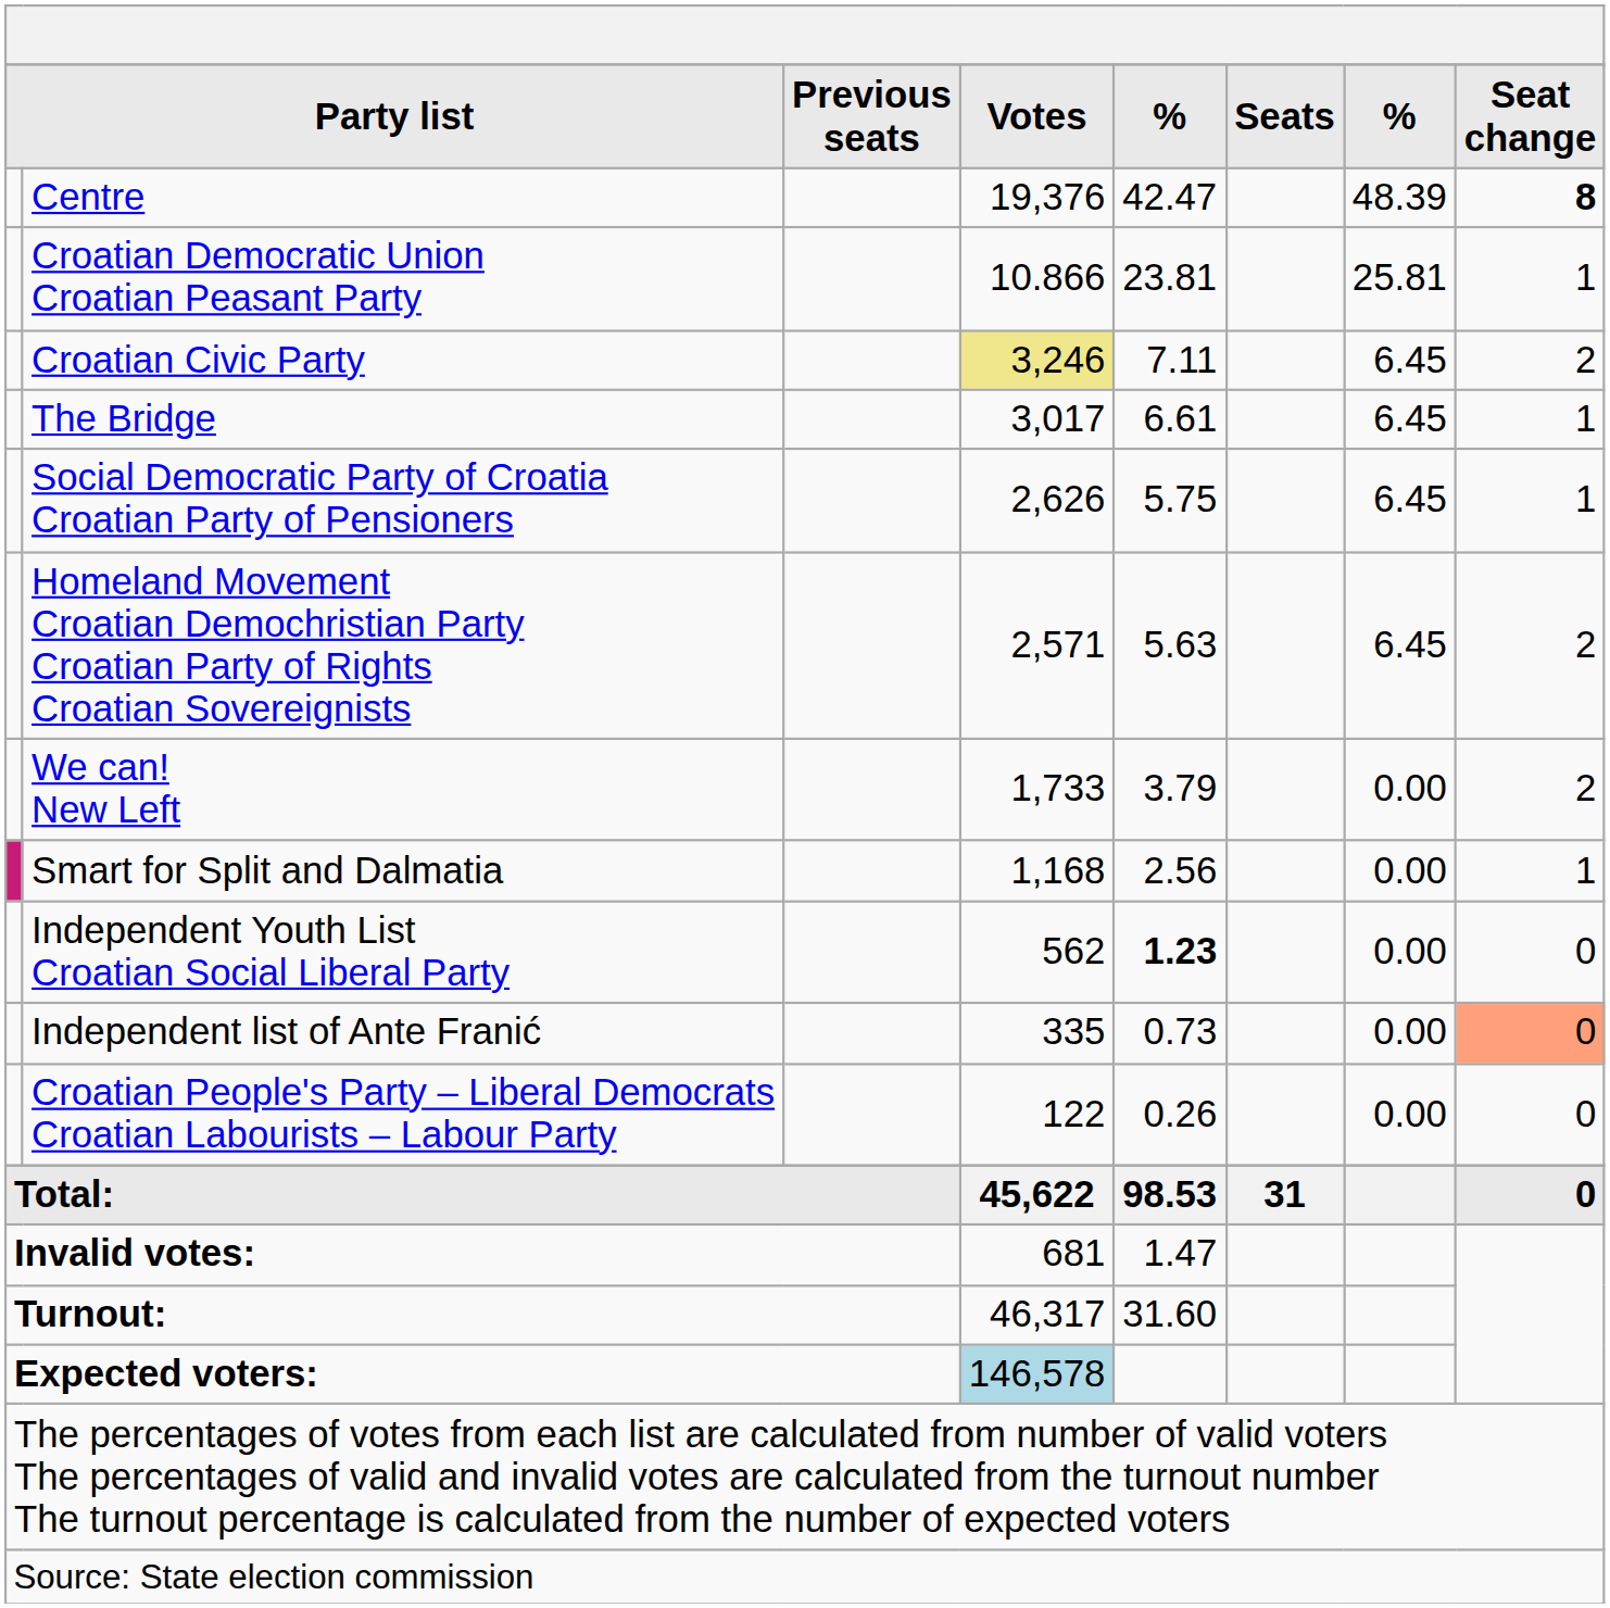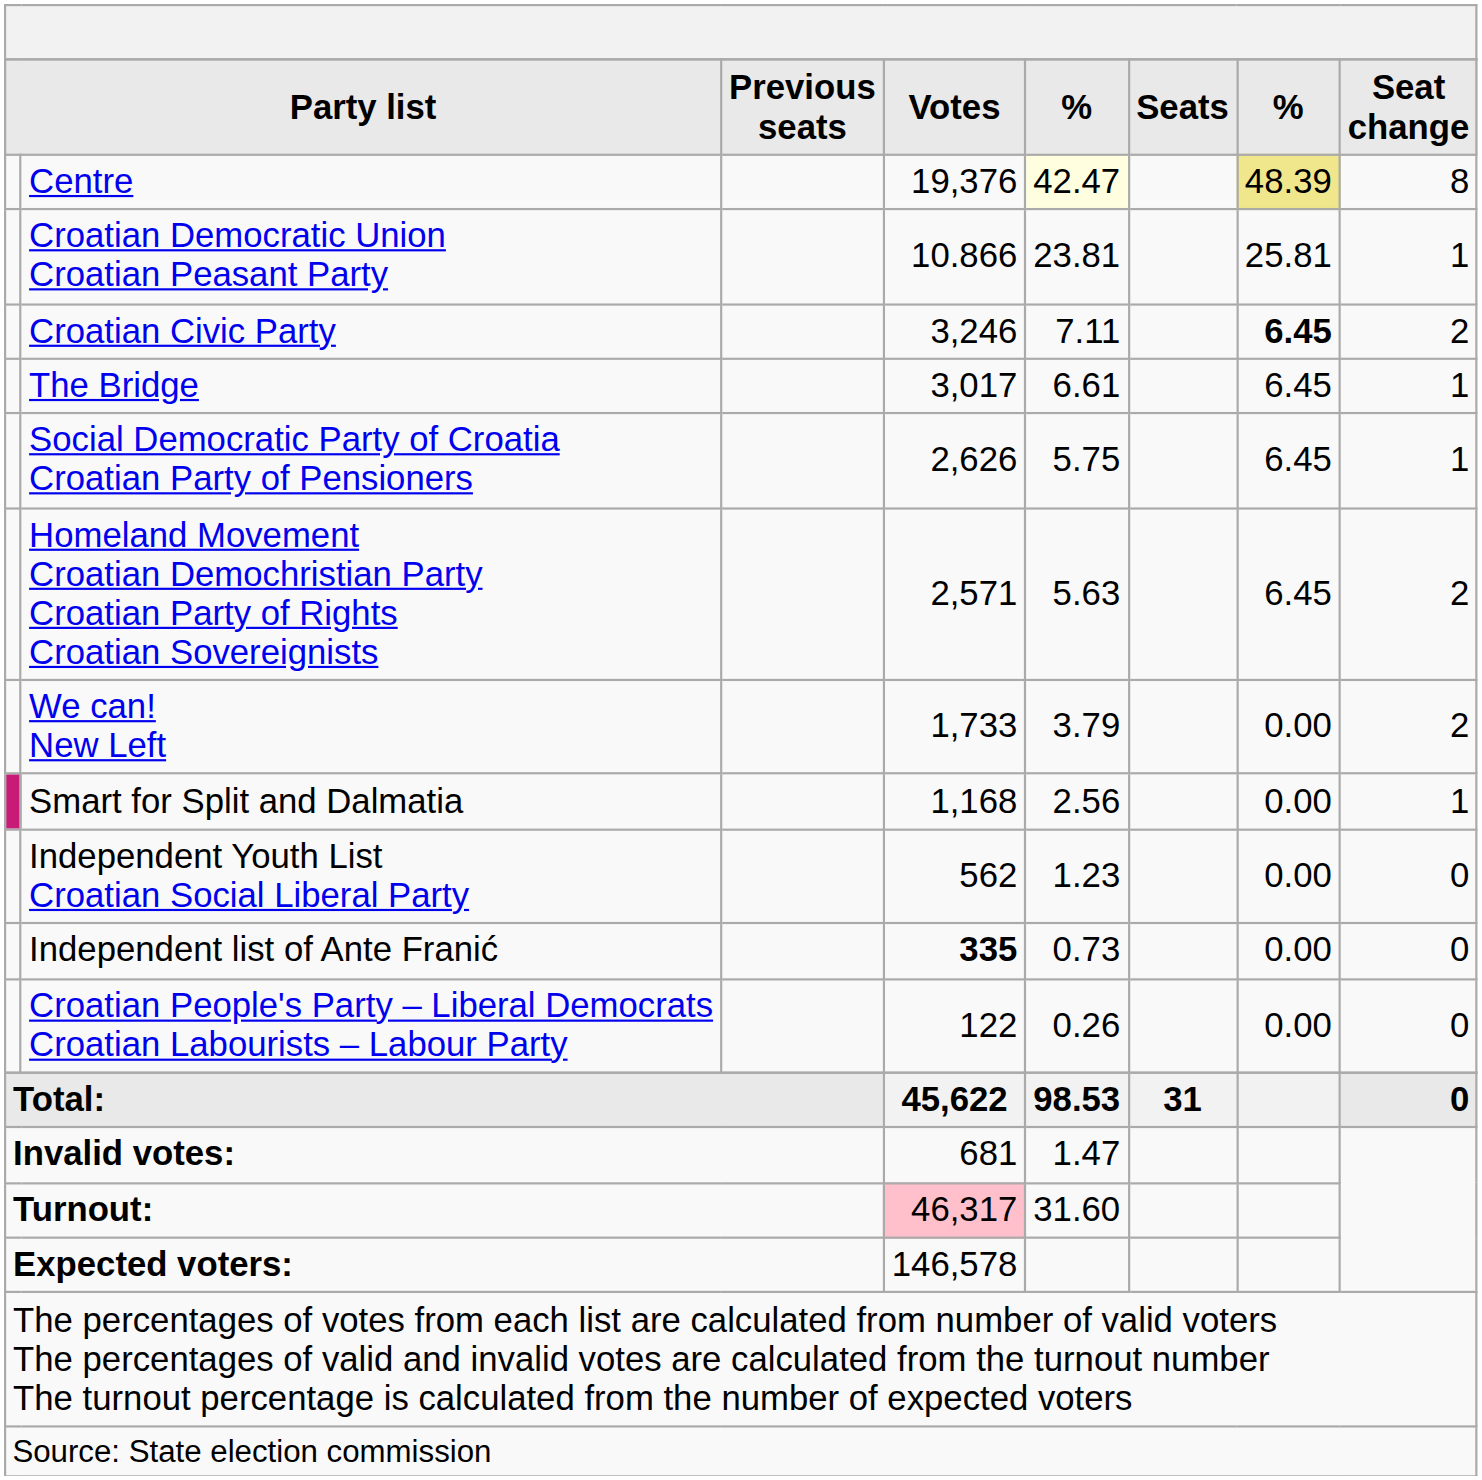 <table class="wikitable" border="1">
 <tr>
 <th colspan="8"><br></th>
 </tr>
 <tr>
 </tr>
 <tr style="background-color:#C9C9C9">
 <th colspan="2" style="background-color:#E9E9E9" align="center">Party list</th>
 <th style="background-color:#E9E9E9" align="center">Previous<br>seats</th>
 <th style="background-color:#E9E9E9" align="center">Votes</th>
 <th style="background-color:#E9E9E9" align="center">%</th>
 <th style="background-color:#E9E9E9" align="center">Seats</th>
 <th style="background-color:#E9E9E9" align="center">%</th>
 <th style="background-color:#E9E9E9" align="center">Seat<br>change</th>
 </tr>
 <tr>
 <td style="color:inherit;background:"></td>
 <td align="left"><a href='#'>Centre</a></td>
 <td align="left"></td>
 <td align="right">19,376</td>
-<td align="right">42.47</td>
+<td align="right" style="background: lightyellow;">42.47</td>
 <td align="left"></td>
-<td align="right">48.39</td>
-<td align="right"><strong>8</strong></td>
+<td align="right" style="background: khaki;">48.39</td>
+<td align="right">8</td>
 </tr>
 <tr>
 <td style="color:inherit;background:"></td>
 <td align="left"><a href='#'>Croatian Democratic Union</a><br><a href='#'>Croatian Peasant Party</a></td>
 <td align="left"></td>
 <td align="right">10.866</td>
 <td align="right">23.81</td>
 <td align="left"></td>
 <td align="right">25.81</td>
 <td align="right">1</td>
 </tr>
 <tr>
 <td style="color:inherit;background:"></td>
 <td align="left"><a href='#'>Croatian Civic Party</a></td>
 <td align="left"></td>
-<td align="right" style="background: khaki;">3,246</td>
+<td align="right">3,246</td>
 <td align="right">7.11</td>
 <td align="left"></td>
-<td align="right">6.45</td>
+<td align="right"><strong>6.45</strong></td>
 <td align="right">2</td>
 </tr>
 <tr>
 <td style="color:inherit;background:"></td>
 <td align="left"><a href='#'>The Bridge</a></td>
 <td align="left"></td>
 <td align="right">3,017</td>
 <td align="right">6.61</td>
 <td align="left"></td>
 <td align="right">6.45</td>
 <td align="right">1</td>
 </tr>
 <tr>
 <td style="color:inherit;background:"></td>
 <td align="left"><a href='#'>Social Democratic Party of Croatia</a><br><a href='#'>Croatian Party of Pensioners</a></td>
 <td align="left"></td>
 <td align="right">2,626</td>
 <td align="right">5.75</td>
 <td align="left"></td>
 <td align="right">6.45</td>
 <td align="right">1</td>
 </tr>
 <tr>
 <td style="color:inherit;background:"></td>
 <td align="left"><a href='#'>Homeland Movement</a><br><a href='#'>Croatian Demochristian Party</a><br><a href='#'>Croatian Party of Rights</a><br><a href='#'>Croatian Sovereignists</a></td>
 <td align="left"></td>
 <td align="right">2,571</td>
 <td align="right">5.63</td>
 <td align="left"></td>
 <td align="right">6.45</td>
 <td align="right">2</td>
 </tr>
 <tr>
 <td style="color:inherit;background:"></td>
 <td align="left"><a href='#'>We can!</a><br><a href='#'>New Left</a></td>
 <td align="left"></td>
 <td align="right">1,733</td>
 <td align="right">3.79</td>
 <td align="left"></td>
 <td align="right">0.00</td>
 <td align="right">2</td>
 </tr>
 <tr>
 <td style="color:inherit;background:#C81B77"></td>
 <td align="left">Smart for Split and Dalmatia</td>
 <td align="left"></td>
 <td align="right">1,168</td>
 <td align="right">2.56</td>
 <td align="left"></td>
 <td align="right">0.00</td>
 <td align="right">1</td>
 </tr>
 <tr>
 <td style="color:inherit;background:"></td>
 <td align="left">Independent Youth List<br><a href='#'>Croatian Social Liberal Party</a></td>
 <td align="left"></td>
 <td align="right">562</td>
-<td align="right"><strong>1.23</strong></td>
+<td align="right">1.23</td>
 <td align="left"></td>
 <td align="right">0.00</td>
 <td align="right">0</td>
 </tr>
 <tr>
 <td style="color:inherit;background:"></td>
 <td align="left">Independent list of Ante Franić</td>
 <td align="left"></td>
-<td align="right">335</td>
+<td align="right"><strong>335</strong></td>
 <td align="right">0.73</td>
 <td align="left"></td>
 <td align="right">0.00</td>
-<td align="right" style="background: lightsalmon;">0</td>
+<td align="right">0</td>
 </tr>
 <tr>
 <td style="color:inherit;background:"></td>
 <td align="left"><a href='#'>Croatian People's Party – Liberal Democrats</a><br><a href='#'>Croatian Labourists – Labour Party</a></td>
 <td align="left"></td>
 <td align="right">122</td>
 <td align="right">0.26</td>
 <td align="left"></td>
 <td align="right">0.00</td>
 <td align="right">0</td>
 </tr>
 <tr>
 </tr>
 <tr style="background-color:#E9E9E9">
 <td colspan="3" align="left"><strong>Total:</strong></td>
 <th align="right">45,622</th>
 <th align="right">98.53</th>
 <th align="right">31</th>
 <th align="right"></th>
 <td align="right"> <strong>0</strong></td>
 </tr>
 <tr>
 <td colspan="3" align="left"><strong>Invalid votes:</strong></td>
 <td align="right">681</td>
 <td align="right">1.47</td>
 <td align="right"></td>
 <td align="right"></td>
 </tr>
 <tr>
 <td colspan="3" align="left"><strong>Turnout:</strong></td>
-<td align="right">46,317</td>
+<td align="right" style="background: pink;">46,317</td>
 <td align="right">31.60</td>
 <td align="right"></td>
 <td align="right"></td>
 </tr>
 <tr>
 <td colspan="3" align="left"><strong>Expected voters:</strong></td>
-<td align="right" style="background: lightblue;">146,578</td>
+<td align="right">146,578</td>
 <td align="right"></td>
 <td align="right"></td>
 <td align="right"></td>
 </tr>
 <tr>
 <td colspan="8" align="left">The percentages of votes from each list are calculated from number of valid voters<br>The percentages of valid and invalid votes are calculated from the turnout number<br>The turnout percentage is calculated from the number of expected voters</td>
 </tr>
 <tr>
 <td colspan="8" align="left" style="font-size: 90%">Source: State election commission</td>
 </tr>
 </table>
